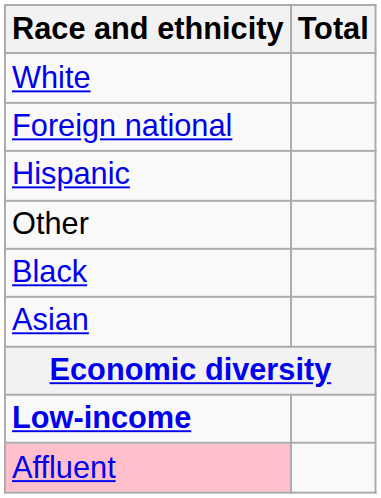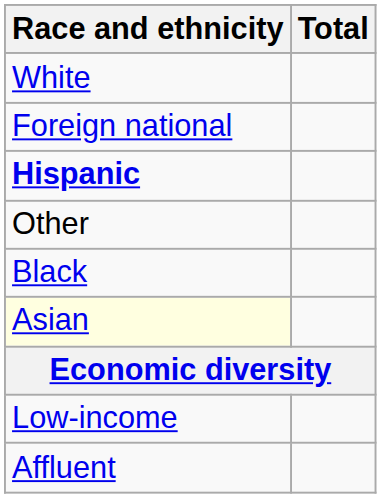 <table class="wikitable floatright sortable collapsible"; text-align:right; font-size:80%;">
 <tr>
 <th>Race and ethnicity</th>
 <th colspan="2" data-sort-type=number>Total</th>
 </tr>
 <tr>
 <td><a href='#'>White</a></td>
 <td align=right></td>
 </tr>
 <tr>
 <td><a href='#'>Foreign national</a></td>
 <td align=right></td>
 </tr>
 <tr>
-<td><a href='#'>Hispanic</a></td>
+<td><strong><a href='#'>Hispanic</a></strong></td>
 <td align=right></td>
 </tr>
 <tr>
 <td>Other</td>
 <td align=right></td>
 </tr>
 <tr>
 <td><a href='#'>Black</a></td>
 <td align=right></td>
 </tr>
 <tr>
-<td><a href='#'>Asian</a></td>
+<td style="background: lightyellow;"><a href='#'>Asian</a></td>
 <td align=right></td>
 </tr>
 <tr>
 <th colspan="4" data-sort-type=number><a href='#'>Economic diversity</a></th>
 </tr>
 <tr>
-<td><strong><a href='#'>Low-income</a></strong></td>
+<td><a href='#'>Low-income</a></td>
 <td align=right></td>
 </tr>
 <tr>
-<td style="background: pink;"><a href='#'>Affluent</a></td>
+<td><a href='#'>Affluent</a></td>
 <td align=right></td>
 </tr>
 </table>
